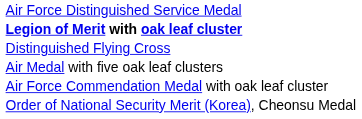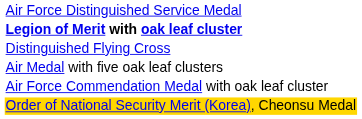 <table>
 <tr>
 <td> <a href='#'>Air Force Distinguished Service Medal</a></td>
 </tr>
 <tr>
 <td><strong> <a href='#'>Legion of Merit</a> with <a href='#'>oak leaf cluster</a></strong></td>
 </tr>
 <tr>
 <td> <a href='#'>Distinguished Flying Cross</a></td>
 </tr>
 <tr>
 <td> <a href='#'>Air Medal</a> with five oak leaf clusters</td>
 </tr>
 <tr>
 <td> <a href='#'>Air Force Commendation Medal</a> with oak leaf cluster</td>
 </tr>
 <tr>
-<td> <a href='#'>Order of National Security Merit (Korea)</a>, Cheonsu Medal</td>
+<td style="background: gold;"> <a href='#'>Order of National Security Merit (Korea)</a>, Cheonsu Medal</td>
 </tr>
 </table>
